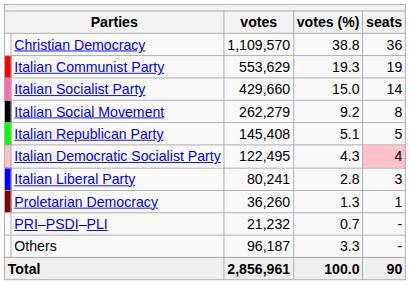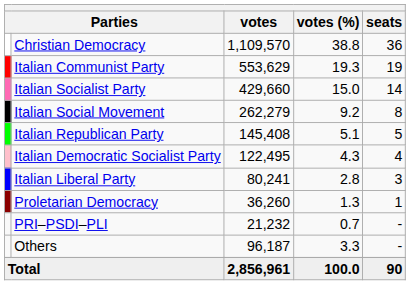 <table class="wikitable" style="font-size:95%">
 <tr>
 <th colspan=5></th>
 </tr>
 <tr bgcolor="EFEFEF"|->
 <th Colspan=2>Parties</th>
 <th>votes</th>
 <th>votes (%)</th>
 <th>seats</th>
 </tr>
 <tr>
 <td bgcolor=White></td>
 <td><a href='#'>Christian Democracy</a></td>
 <td align=right>1,109,570</td>
 <td align=right>38.8</td>
 <td align=right>36</td>
 </tr>
 <tr>
 <td bgcolor=Red></td>
 <td><a href='#'>Italian Communist Party</a></td>
 <td align=right>553,629</td>
 <td align=right>19.3</td>
 <td align=right>19</td>
 </tr>
 <tr>
 <td bgcolor=Hotpink></td>
 <td><a href='#'>Italian Socialist Party</a></td>
 <td align=right>429,660</td>
 <td align=right>15.0</td>
 <td align=right>14</td>
 </tr>
 <tr>
 <td bgcolor=Black></td>
 <td><a href='#'>Italian Social Movement</a></td>
 <td align=right>262,279</td>
 <td align=right>9.2</td>
 <td align=right>8</td>
 </tr>
 <tr>
 <td bgcolor=Lime></td>
 <td><a href='#'>Italian Republican Party</a></td>
 <td align=right>145,408</td>
 <td align=right>5.1</td>
 <td align=right>5</td>
 </tr>
 <tr>
 <td bgcolor=Pink></td>
 <td><a href='#'>Italian Democratic Socialist Party</a></td>
 <td align=right>122,495</td>
 <td align=right>4.3</td>
-<td align=right style="background: pink;">4</td>
+<td align=right>4</td>
 </tr>
 <tr>
 <td bgcolor=Blue></td>
 <td><a href='#'>Italian Liberal Party</a></td>
 <td align=right>80,241</td>
 <td align=right>2.8</td>
 <td align=right>3</td>
 </tr>
 <tr>
 <td bgcolor=Darkred></td>
 <td><a href='#'>Proletarian Democracy</a></td>
 <td align=right>36,260</td>
 <td align=right>1.3</td>
 <td align=right>1</td>
 </tr>
 <tr>
 <td bgcolor=></td>
 <td><a href='#'>PRI</a>–<a href='#'>PSDI</a>–<a href='#'>PLI</a></td>
 <td align=right>21,232</td>
 <td align=right>0.7</td>
 <td align=right>-</td>
 </tr>
 <tr>
 <td bgcolor=></td>
 <td>Others</td>
 <td align=right>96,187</td>
 <td align=right>3.3</td>
 <td align=right>-</td>
 </tr>
 <tr>
 </tr>
 <tr bgcolor="EFEFEF">
 <td colspan=2><strong>Total</strong></td>
 <td align=right><strong>2,856,961</strong></td>
 <td align=right><strong>100.0</strong></td>
 <td align=right><strong>90</strong></td>
 </tr>
 </table>
